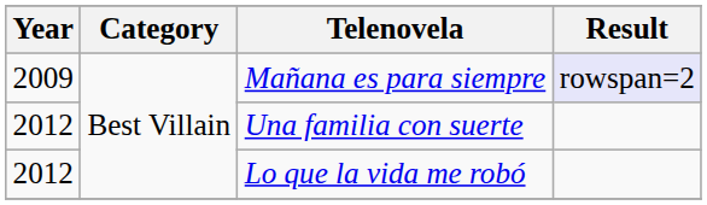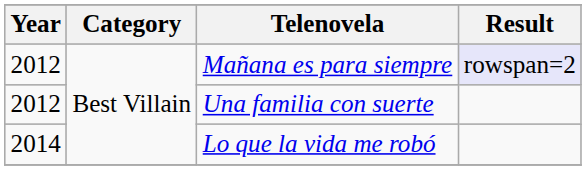 <table class="wikitable sortable">
 <tr bgcolor=grey>
 </tr>
 <tr>
 <th>Year</th>
 <th>Category</th>
 <th>Telenovela</th>
 <th>Result</th>
 </tr>
 <tr>
-<td>2009</td>
+<td>2012</td>
 <td rowspan=3>Best Villain</td>
 <td><em><a href='#'>Mañana es para siempre</a></em></td>
 <td style="background: lavender;">rowspan=2 </td>
 </tr>
 <tr>
 <td>2012</td>
 <td><em><a href='#'>Una familia con suerte</a></em></td>
 </tr>
 <tr>
-<td>2012</td>
+<td>2014</td>
 <td><em><a href='#'>Lo que la vida me robó</a></em></td>
 <td></td>
 </tr>
 <tr>
 </tr>
 </table>
